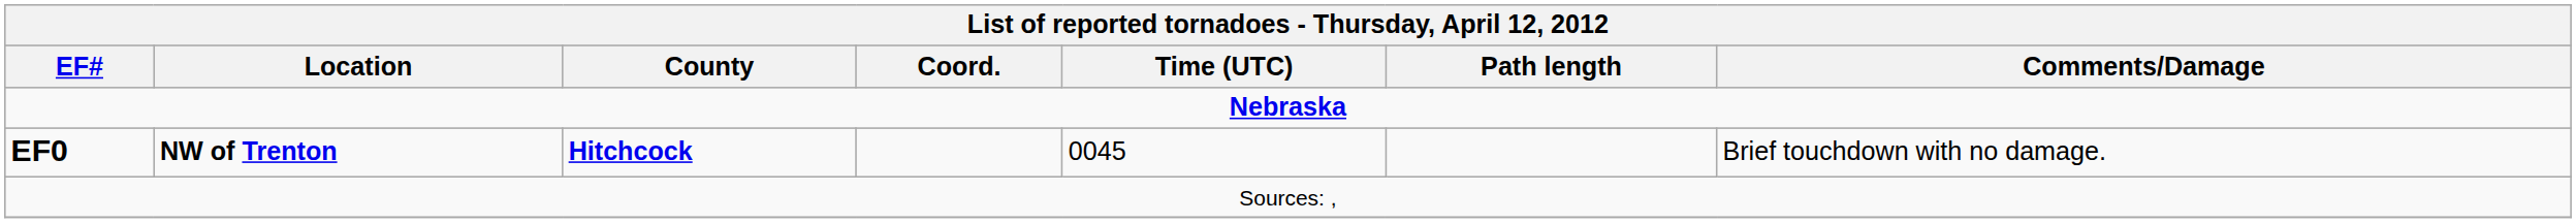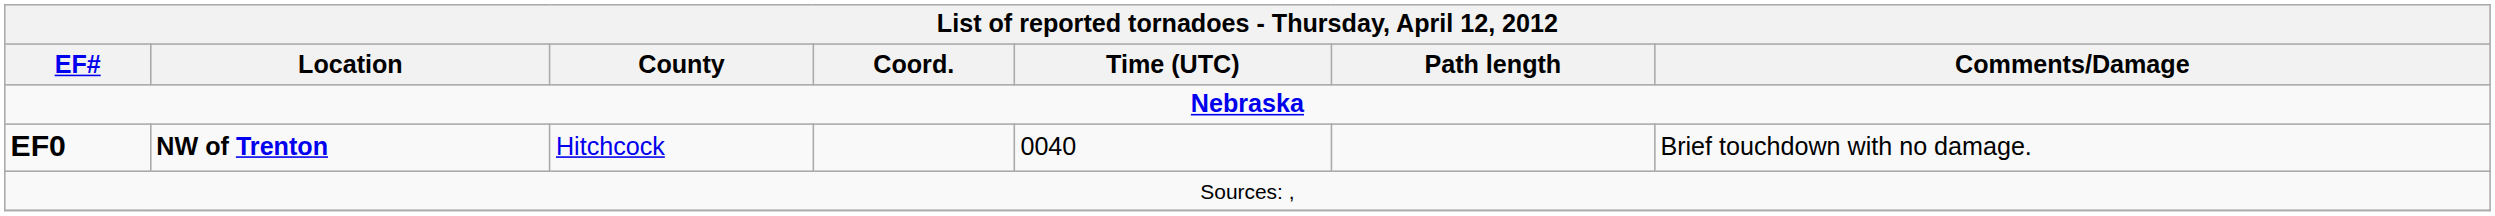 <table class="wikitable collapsible" width="100%">
 <tr>
 <th colspan="7">List of reported tornadoes - Thursday, April 12, 2012</th>
 </tr>
 <tr>
 <th><a href='#'>EF#</a></th>
 <th>Location</th>
 <th>County</th>
 <th>Coord.</th>
 <th>Time (UTC)</th>
 <th>Path length</th>
 <th>Comments/Damage</th>
 </tr>
 <tr>
 <td colspan="7" align=center><strong><a href='#'>Nebraska</a></strong></td>
 </tr>
 <tr>
 <td><big><strong>EF0</strong></big></td>
 <td><strong>NW of <a href='#'>Trenton</a></strong></td>
-<td><strong><a href='#'>Hitchcock</a></strong></td>
+<td><a href='#'>Hitchcock</a></td>
 <td></td>
-<td>0045</td>
+<td>0040</td>
 <td></td>
 <td>Brief touchdown with no damage.</td>
 </tr>
 <tr>
 <td colspan="7" align=center><small>Sources: , </small></td>
 </tr>
 <tr>
 </tr>
 </table>
